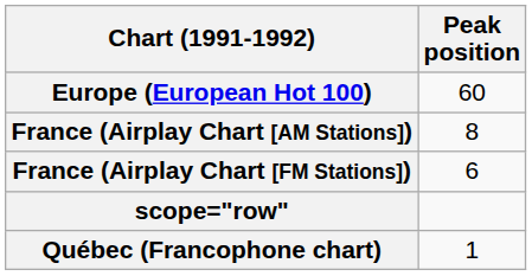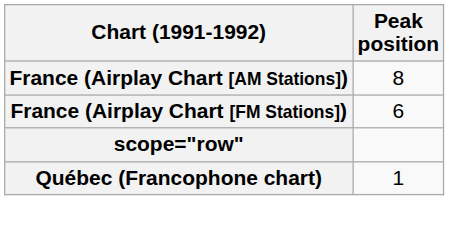 <table class="wikitable sortable plainrowheaders">
 <tr>
 <th>Chart (1991-1992)</th>
 <th>Peak<br>position</th>
-</tr>
-<tr>
-<th scope="row">Europe (<a href='#'>European Hot 100</a>)</th>
-<td align="center">60</td>
 </tr>
 <tr>
 <th scope="row">France (Airplay Chart <small>[AM Stations]</small>)</th>
 <td align="center">8</td>
 </tr>
 <tr>
 <th scope="row">France (Airplay Chart <small>[FM Stations]</small>)</th>
 <td align="center">6</td>
 </tr>
 <tr>
 <th>scope="row"</th>
 </tr>
 <tr>
 <th scope="row">Québec (Francophone chart)</th>
 <td align="center">1</td>
 </tr>
 </table>
